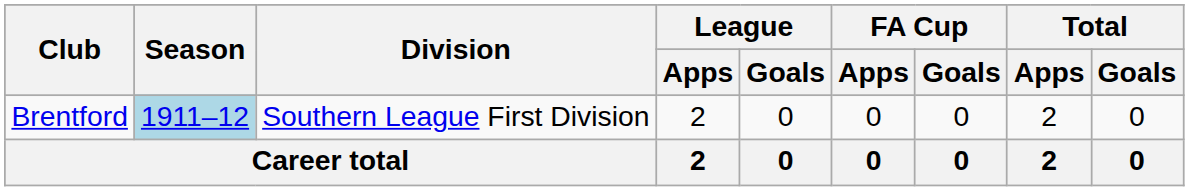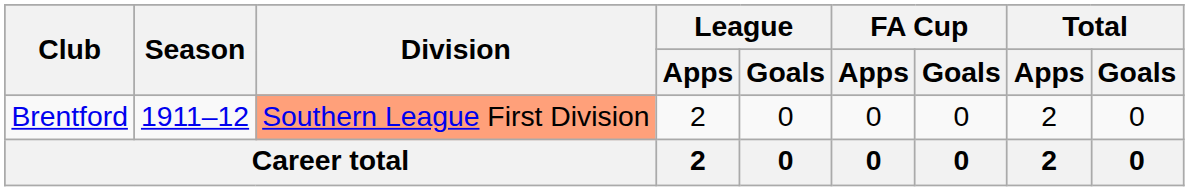 <table class="wikitable" style="text-align:center;">
 <tr>
 <th rowspan="2">Club</th>
 <th rowspan="2">Season</th>
 <th rowspan="2">Division</th>
 <th colspan="2">League</th>
 <th colspan="2">FA Cup</th>
 <th colspan="2">Total</th>
 </tr>
 <tr>
 <th>Apps</th>
 <th>Goals</th>
 <th>Apps</th>
 <th>Goals</th>
 <th>Apps</th>
 <th>Goals</th>
 </tr>
 <tr>
 <td><a href='#'>Brentford</a></td>
-<td style="background: lightblue;"><a href='#'>1911–12</a></td>
-<td><a href='#'>Southern League</a> First Division</td>
+<td><a href='#'>1911–12</a></td>
+<td style="background: lightsalmon;"><a href='#'>Southern League</a> First Division</td>
 <td>2</td>
 <td>0</td>
 <td>0</td>
 <td>0</td>
 <td>2</td>
 <td>0</td>
 </tr>
 <tr>
 <th colspan="3">Career total</th>
 <th>2</th>
 <th>0</th>
 <th>0</th>
 <th>0</th>
 <th>2</th>
 <th>0</th>
 </tr>
 </table>
